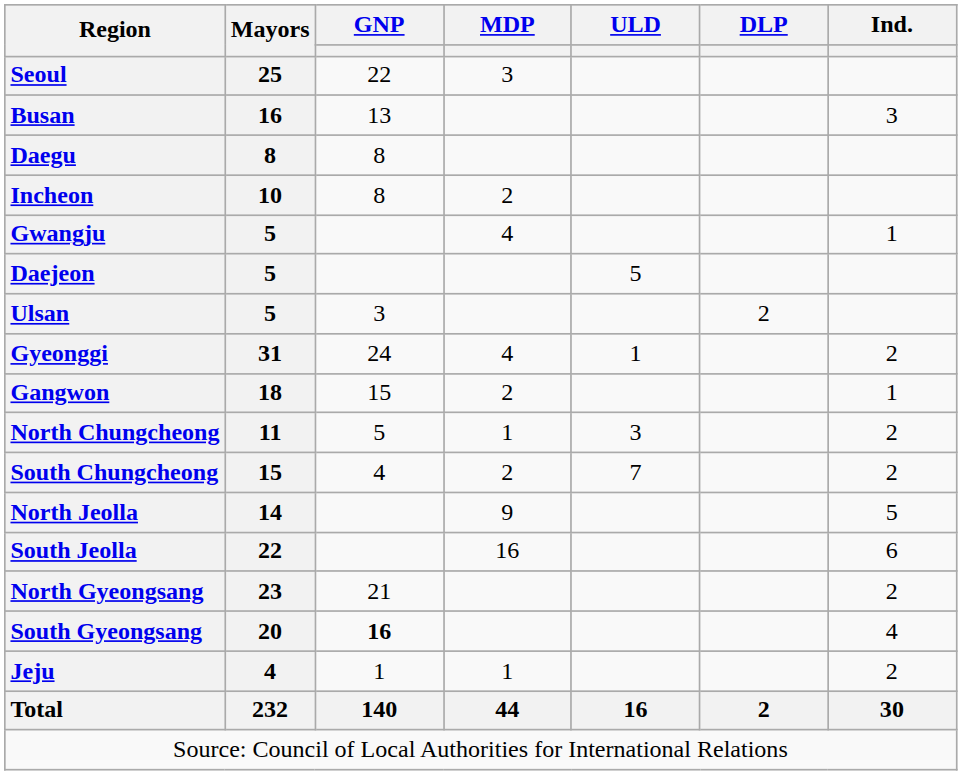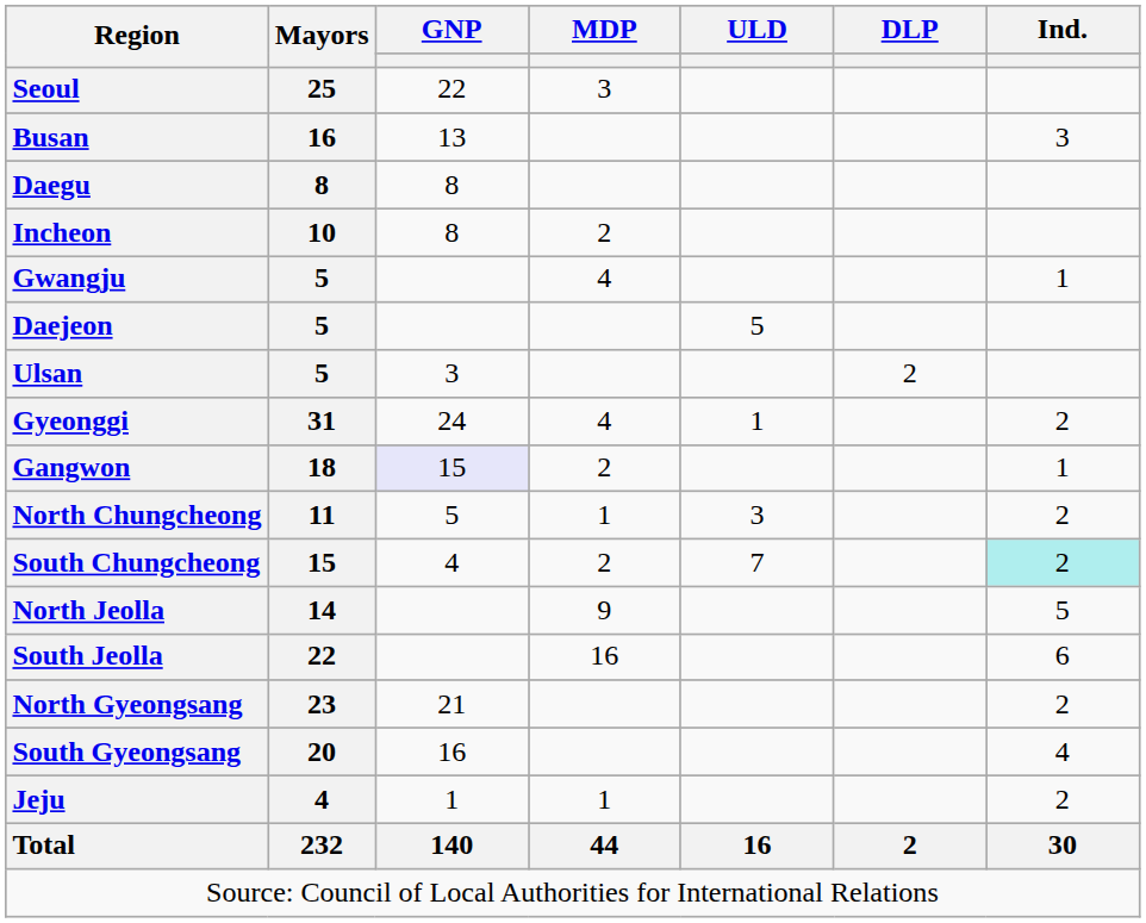 <table class="wikitable" style="text-align:center; font-size: 0.9em;">
 <tr>
 <th rowspan="2">Region</th>
 <th rowspan="2">Mayors</th>
 <th class="unsortable" style="width:70px;"><a href='#'>GNP</a></th>
 <th class="unsortable" style="width:70px;"><a href='#'>MDP</a></th>
 <th class="unsortable" style="width:70px;"><a href='#'>ULD</a></th>
 <th class="unsortable" style="width:70px;"><a href='#'>DLP</a></th>
 <th class="unsortable" style="width:70px;">Ind.</th>
 </tr>
 <tr>
 <th style="background:"></th>
 <th style="background:"></th>
 <th style="background:"></th>
 <th style="background:"></th>
 <th style="background:"></th>
 </tr>
 <tr>
 <th style="text-align: left;"><a href='#'>Seoul</a></th>
 <th>25</th>
 <td>22</td>
 <td>3</td>
 <td></td>
 <td></td>
 <td></td>
 </tr>
 <tr>
 <th style="text-align: left;"><a href='#'>Busan</a></th>
 <th>16</th>
 <td>13</td>
 <td></td>
 <td></td>
 <td></td>
 <td>3</td>
 </tr>
 <tr>
 <th style="text-align: left;"><a href='#'>Daegu</a></th>
 <th>8</th>
 <td>8</td>
 <td></td>
 <td></td>
 <td></td>
 <td></td>
 </tr>
 <tr>
 <th style="text-align: left;"><a href='#'>Incheon</a></th>
 <th>10</th>
 <td>8</td>
 <td>2</td>
 <td></td>
 <td></td>
 <td></td>
 </tr>
 <tr>
 <th style="text-align: left;"><a href='#'>Gwangju</a></th>
 <th>5</th>
 <td></td>
 <td>4</td>
 <td></td>
 <td></td>
 <td>1</td>
 </tr>
 <tr>
 <th style="text-align: left;"><a href='#'>Daejeon</a></th>
 <th>5</th>
 <td></td>
 <td></td>
 <td>5</td>
 <td></td>
 <td></td>
 </tr>
 <tr>
 <th style="text-align: left;"><a href='#'>Ulsan</a></th>
 <th>5</th>
 <td>3</td>
 <td></td>
 <td></td>
 <td>2</td>
 <td></td>
 </tr>
 <tr>
 <th style="text-align: left;"><a href='#'>Gyeonggi</a></th>
 <th>31</th>
 <td>24</td>
 <td>4</td>
 <td>1</td>
 <td></td>
 <td>2</td>
 </tr>
 <tr>
 <th style="text-align: left;"><a href='#'>Gangwon</a></th>
 <th>18</th>
-<td>15</td>
+<td style="background: lavender;">15</td>
 <td>2</td>
 <td></td>
 <td></td>
 <td>1</td>
 </tr>
 <tr>
 <th style="text-align: left;"><a href='#'>North Chungcheong</a></th>
 <th>11</th>
 <td>5</td>
 <td>1</td>
 <td>3</td>
 <td></td>
 <td>2</td>
 </tr>
 <tr>
 <th style="text-align: left;"><a href='#'>South Chungcheong</a></th>
 <th>15</th>
 <td>4</td>
 <td>2</td>
 <td>7</td>
 <td></td>
-<td>2</td>
+<td style="background: paleturquoise;">2</td>
 </tr>
 <tr>
 <th style="text-align: left;"><a href='#'>North Jeolla</a></th>
 <th>14</th>
 <td></td>
 <td>9</td>
 <td></td>
 <td></td>
 <td>5</td>
 </tr>
 <tr>
 <th style="text-align: left;"><a href='#'>South Jeolla</a></th>
 <th>22</th>
 <td></td>
 <td>16</td>
 <td></td>
 <td></td>
 <td>6</td>
 </tr>
 <tr>
 <th style="text-align: left;"><a href='#'>North Gyeongsang</a></th>
 <th>23</th>
 <td>21</td>
 <td></td>
 <td></td>
 <td></td>
 <td>2</td>
 </tr>
 <tr>
 <th style="text-align: left;"><a href='#'>South Gyeongsang</a></th>
 <th>20</th>
-<td><strong>16</strong></td>
+<td>16</td>
 <td></td>
 <td></td>
 <td></td>
 <td>4</td>
 </tr>
 <tr>
 <th style="text-align: left;"><a href='#'>Jeju</a></th>
 <th>4</th>
 <td>1</td>
 <td>1</td>
 <td></td>
 <td></td>
 <td>2</td>
 </tr>
 <tr class="sortbottom">
 <th style="text-align: left;">Total</th>
 <th>232</th>
 <th>140</th>
 <th>44</th>
 <th>16</th>
 <th>2</th>
 <th>30</th>
 </tr>
 <tr>
 <td colspan="7">Source: Council of Local Authorities for International Relations</td>
 </tr>
 </table>
